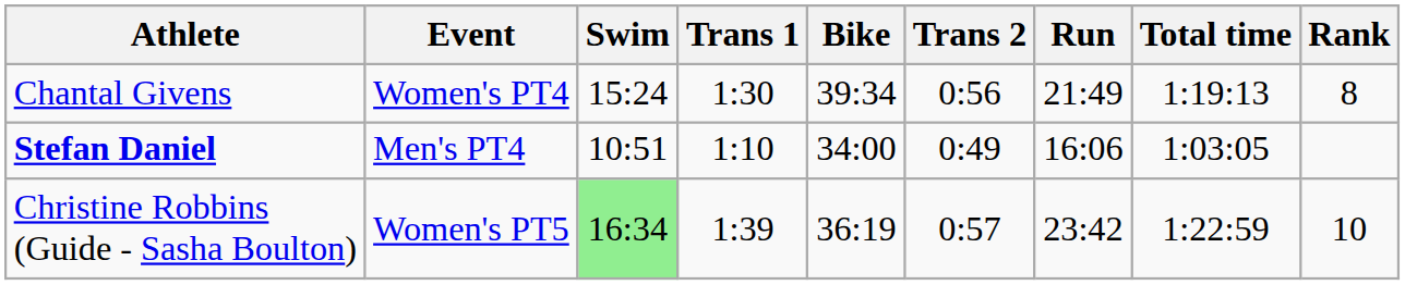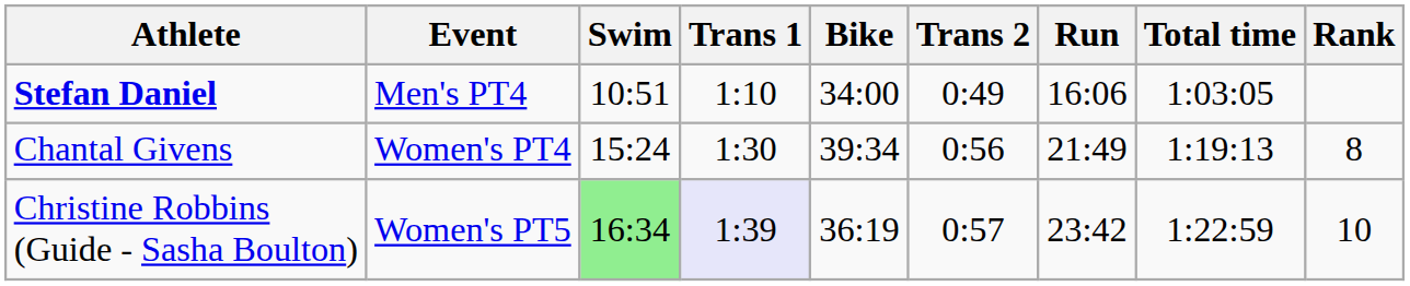 <table class="wikitable" style="font-size:90%;">
 <tr>
 <th>Athlete</th>
 <th>Event</th>
 <th>Swim</th>
 <th>Trans 1</th>
 <th>Bike</th>
 <th>Trans 2</th>
 <th>Run</th>
 <th>Total time</th>
 <th>Rank</th>
 </tr>
 <tr align=center>
+<td align=left><strong><a href='#'>Stefan Daniel</a></strong></td>
+<td style="text-align:left"><a href='#'>Men's PT4</a></td>
+<td>10:51</td>
+<td>1:10</td>
+<td>34:00</td>
+<td>0:49</td>
+<td>16:06</td>
+<td>1:03:05</td>
+<td></td>
+</tr>
+<tr align=center>
 <td align=left><a href='#'>Chantal Givens</a></td>
 <td style="text-align:left"><a href='#'>Women's PT4</a></td>
 <td>15:24</td>
 <td>1:30</td>
 <td>39:34</td>
 <td>0:56</td>
 <td>21:49</td>
 <td>1:19:13</td>
 <td>8</td>
 </tr>
 <tr align=center>
-<td align=left><strong><a href='#'>Stefan Daniel</a></strong></td>
-<td style="text-align:left"><a href='#'>Men's PT4</a></td>
-<td>10:51</td>
-<td>1:10</td>
-<td>34:00</td>
-<td>0:49</td>
-<td>16:06</td>
-<td>1:03:05</td>
-<td></td>
-</tr>
-<tr align=center>
 <td align=left><a href='#'>Christine Robbins</a><br> (Guide - <a href='#'>Sasha Boulton</a>)</td>
 <td style="text-align:left"><a href='#'>Women's PT5</a></td>
 <td style="background: lightgreen;">16:34</td>
-<td>1:39</td>
+<td style="background: lavender;">1:39</td>
 <td>36:19</td>
 <td>0:57</td>
 <td>23:42</td>
 <td>1:22:59</td>
 <td>10</td>
 </tr>
 </table>
